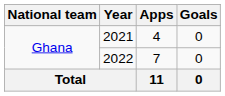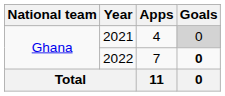 <table class="wikitable" style="text-align: center;">
 <tr>
 <th>National team</th>
 <th>Year</th>
 <th>Apps</th>
 <th>Goals</th>
 </tr>
 <tr>
 <td rowspan=2><a href='#'>Ghana</a></td>
 <td>2021</td>
 <td>4</td>
-<td>0</td>
+<td style="background: lightgrey;">0</td>
 </tr>
 <tr>
 <td>2022</td>
 <td>7</td>
-<td>0</td>
+<td><strong>0</strong></td>
 </tr>
 <tr>
 <th colspan=2>Total</th>
 <th>11</th>
 <th>0</th>
 </tr>
 </table>
